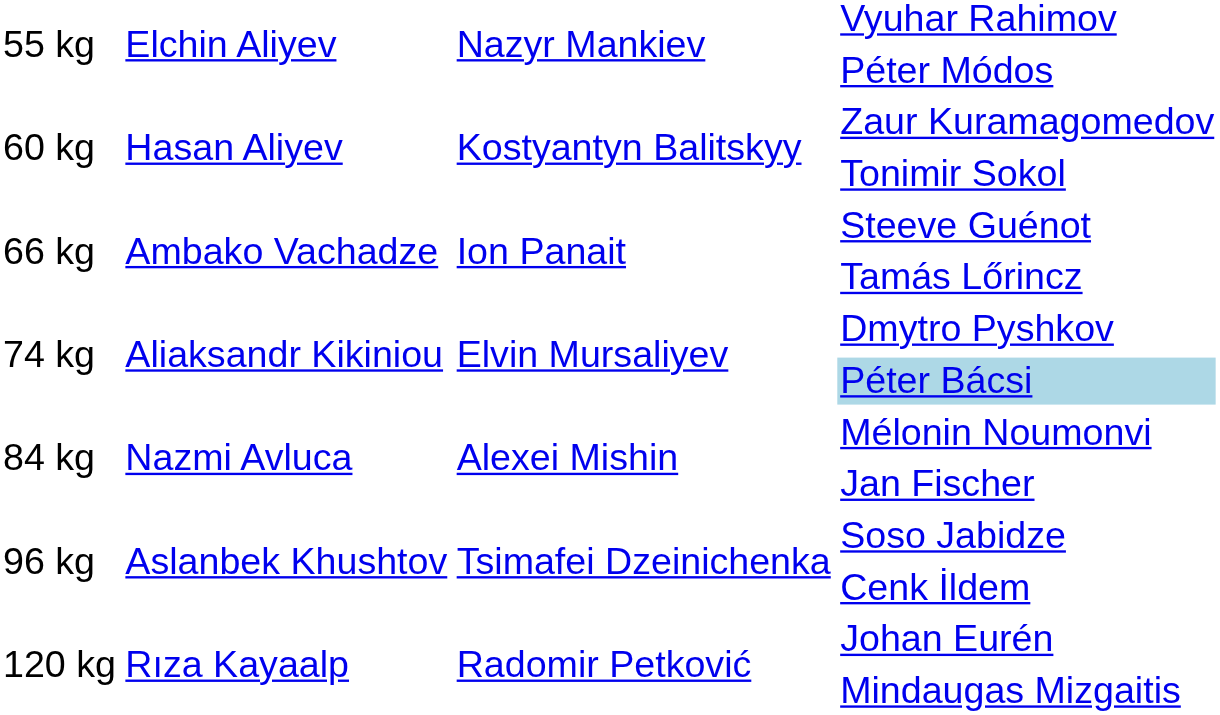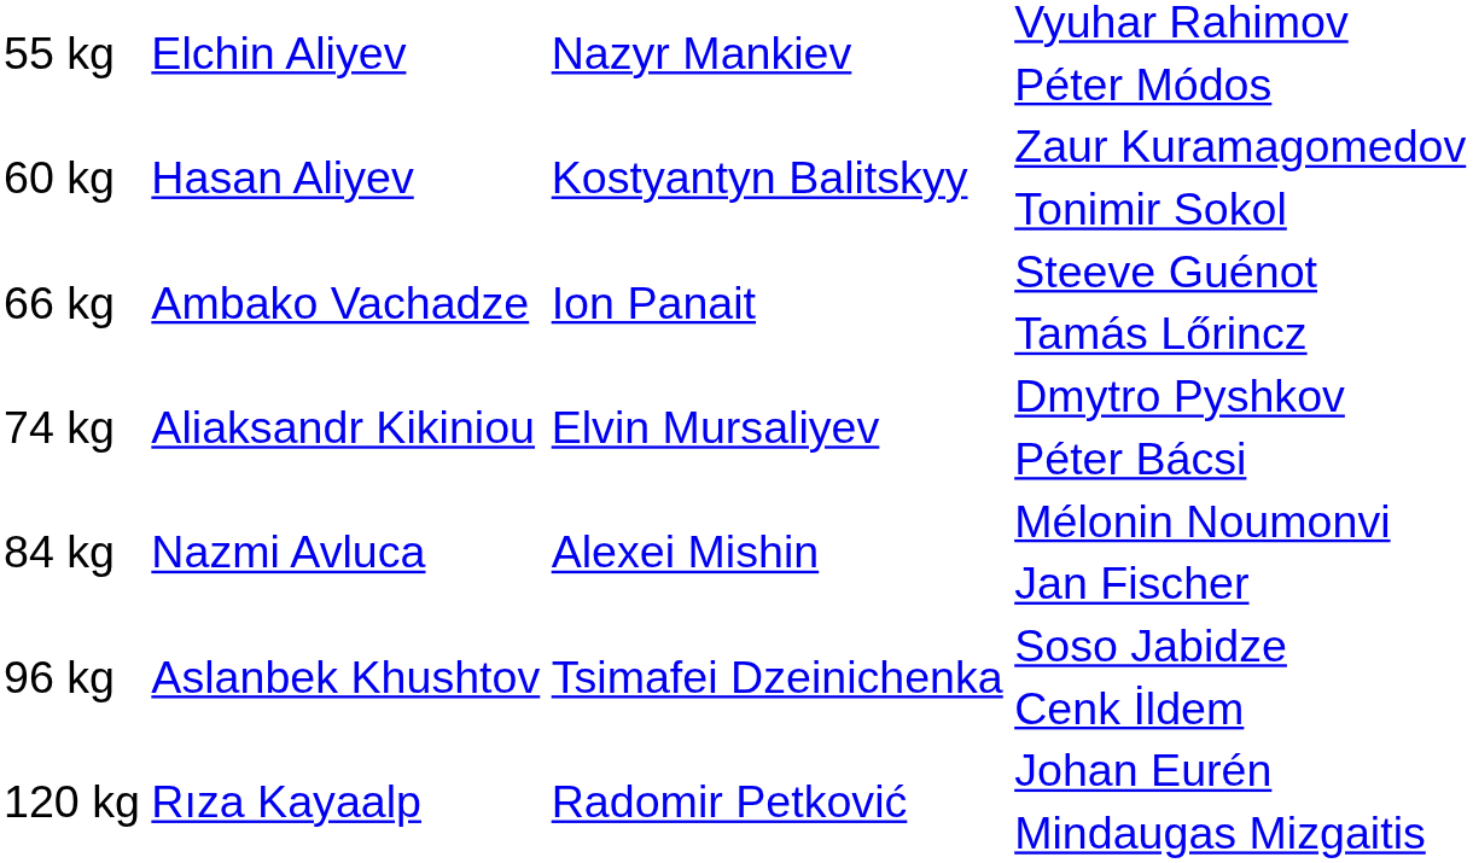 <table>
 <tr>
 <td rowspan=2>55 kg</td>
 <td rowspan=2> <a href='#'>Elchin Aliyev</a></td>
 <td rowspan=2> <a href='#'>Nazyr Mankiev</a></td>
 <td>  <a href='#'>Vyuhar Rahimov</a></td>
 </tr>
 <tr>
 <td> <a href='#'>Péter Módos</a></td>
 </tr>
 <tr>
 <td rowspan=2>60 kg</td>
 <td rowspan=2> <a href='#'>Hasan Aliyev</a></td>
 <td rowspan=2> <a href='#'>Kostyantyn Balitskyy</a></td>
 <td>  <a href='#'>Zaur Kuramagomedov</a></td>
 </tr>
 <tr>
 <td> <a href='#'>Tonimir Sokol</a></td>
 </tr>
 <tr>
 <td rowspan=2>66 kg</td>
 <td rowspan=2> <a href='#'>Ambako Vachadze</a></td>
 <td rowspan=2> <a href='#'>Ion Panait</a></td>
 <td> <a href='#'>Steeve Guénot</a></td>
 </tr>
 <tr>
 <td> <a href='#'>Tamás Lőrincz</a></td>
 </tr>
 <tr>
 <td rowspan=2>74 kg</td>
 <td rowspan=2> <a href='#'>Aliaksandr Kikiniou</a></td>
 <td rowspan=2> <a href='#'>Elvin Mursaliyev</a></td>
 <td> <a href='#'>Dmytro Pyshkov</a></td>
 </tr>
 <tr>
-<td style="background: lightblue;"> <a href='#'>Péter Bácsi</a></td>
+<td> <a href='#'>Péter Bácsi</a></td>
 </tr>
 <tr>
 <td rowspan=2>84 kg</td>
 <td rowspan=2> <a href='#'>Nazmi Avluca</a></td>
 <td rowspan=2> <a href='#'>Alexei Mishin</a></td>
 <td> <a href='#'>Mélonin Noumonvi</a></td>
 </tr>
 <tr>
 <td> <a href='#'>Jan Fischer</a></td>
 </tr>
 <tr>
 <td rowspan=2>96 kg</td>
 <td rowspan=2> <a href='#'>Aslanbek Khushtov</a></td>
 <td rowspan=2> <a href='#'>Tsimafei Dzeinichenka</a></td>
 <td> <a href='#'>Soso Jabidze</a></td>
 </tr>
 <tr>
 <td> <a href='#'>Cenk İldem</a></td>
 </tr>
 <tr>
 <td rowspan=2>120 kg</td>
 <td rowspan=2> <a href='#'>Rıza Kayaalp</a></td>
 <td rowspan=2> <a href='#'>Radomir Petković</a></td>
 <td> <a href='#'>Johan Eurén</a></td>
 </tr>
 <tr>
 <td> <a href='#'>Mindaugas Mizgaitis</a></td>
 </tr>
 </table>
